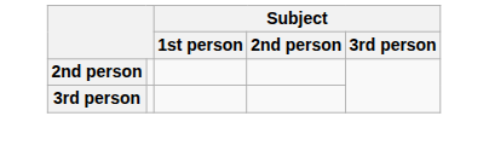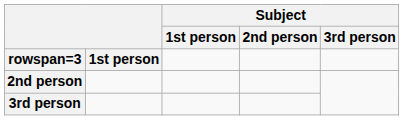 <table class="wikitable" style="margin:auto">
 <tr>
 <th colspan=2 rowspan=2></th>
 <th colspan=3>Subject</th>
 </tr>
 <tr>
 <th>1st person</th>
 <th>2nd person</th>
 <th>3rd person</th>
+</tr>
+<tr>
+<th>rowspan=3 </th>
+<th>1st person</th>
+<td></td>
+<td></td>
+<td></td>
 </tr>
 <tr>
 <th>2nd person</th>
 <td></td>
 <td></td>
 <td></td>
 </tr>
 <tr>
 <th>3rd person</th>
 <td></td>
 <td></td>
 <td></td>
 </tr>
 </table>
